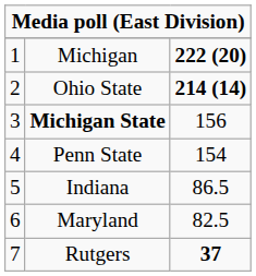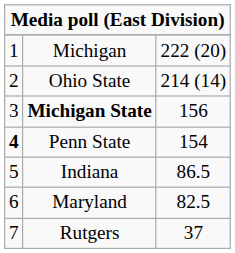 <table class="wikitable" style="display: inline-table;">
 <tr>
 <td align="center" Colspan="3"><strong>Media poll (East Division)</strong></td>
 </tr>
 <tr align="center">
 </tr>
 <tr align="center">
 <td>1</td>
 <td>Michigan</td>
-<td><strong>222 (20)</strong></td>
+<td>222 (20)</td>
 </tr>
 <tr align="center">
 <td>2</td>
 <td>Ohio State</td>
-<td><strong>214 (14)</strong></td>
+<td>214 (14)</td>
 </tr>
 <tr align="center">
 <td>3</td>
 <td><strong>Michigan State</strong></td>
 <td>156</td>
 </tr>
 <tr align="center">
-<td>4</td>
+<td><strong>4</strong></td>
 <td>Penn State</td>
 <td>154</td>
 </tr>
 <tr align="center">
 <td>5</td>
 <td>Indiana</td>
 <td>86.5</td>
 </tr>
 <tr align="center">
 <td>6</td>
 <td>Maryland</td>
 <td>82.5</td>
 </tr>
 <tr align="center">
 <td>7</td>
 <td>Rutgers</td>
-<td><strong>37</strong></td>
+<td>37</td>
 </tr>
 </table>
